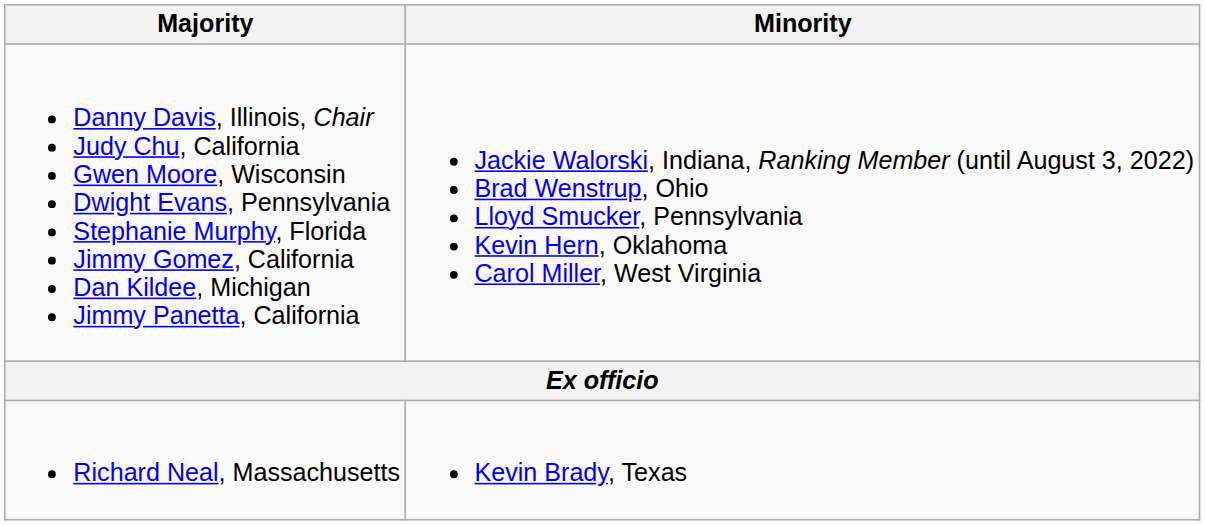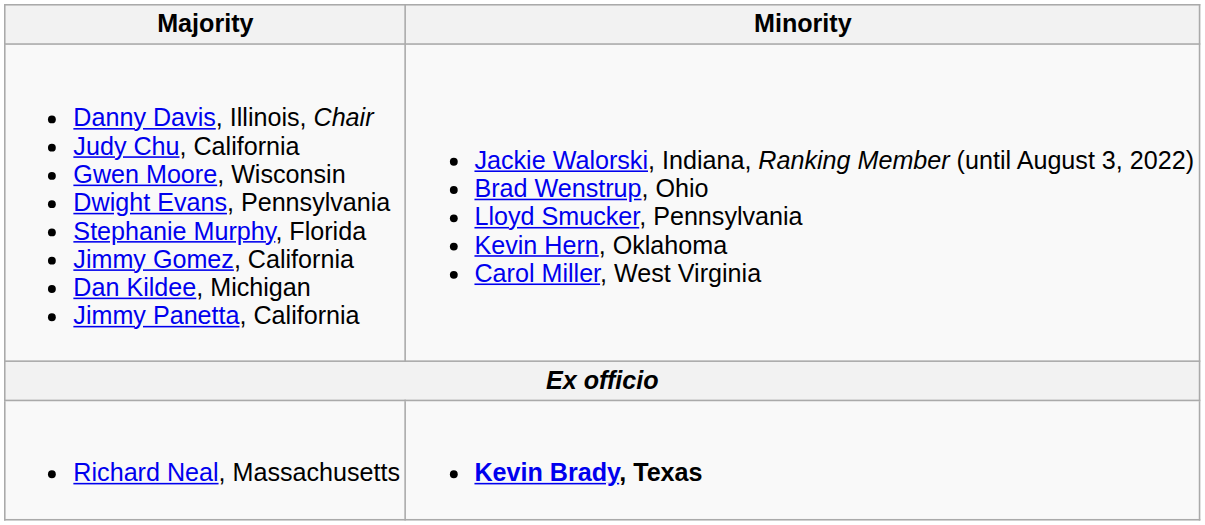 <table class=wikitable>
 <tr>
 <th>Majority</th>
 <th>Minority</th>
 </tr>
 <tr>
 <td><br><ul><li><a href='#'>Danny Davis</a>, Illinois, <em>Chair</em></li><li><a href='#'>Judy Chu</a>, California</li><li><a href='#'>Gwen Moore</a>, Wisconsin</li><li><a href='#'>Dwight Evans</a>, Pennsylvania</li><li><a href='#'>Stephanie Murphy</a>, Florida</li><li><a href='#'>Jimmy Gomez</a>, California</li><li><a href='#'>Dan Kildee</a>, Michigan</li><li><a href='#'>Jimmy Panetta</a>, California</li></ul></td>
 <td><br><ul><li><a href='#'>Jackie Walorski</a>, Indiana, <em>Ranking Member</em> (until August 3, 2022)</li><li><a href='#'>Brad Wenstrup</a>, Ohio</li><li><a href='#'>Lloyd Smucker</a>, Pennsylvania</li><li><a href='#'>Kevin Hern</a>, Oklahoma</li><li><a href='#'>Carol Miller</a>, West Virginia</li></ul></td>
 </tr>
 <tr>
 <th colspan=2><em>Ex officio</em></th>
 </tr>
 <tr>
 <td><br><ul><li><a href='#'>Richard Neal</a>, Massachusetts</li></ul></td>
-<td><br><ul><li><a href='#'>Kevin Brady</a>, Texas</li></ul></td>
+<td><strong><br><ul><li><a href='#'>Kevin Brady</a>, Texas</li></ul></strong></td>
 </tr>
 </table>
